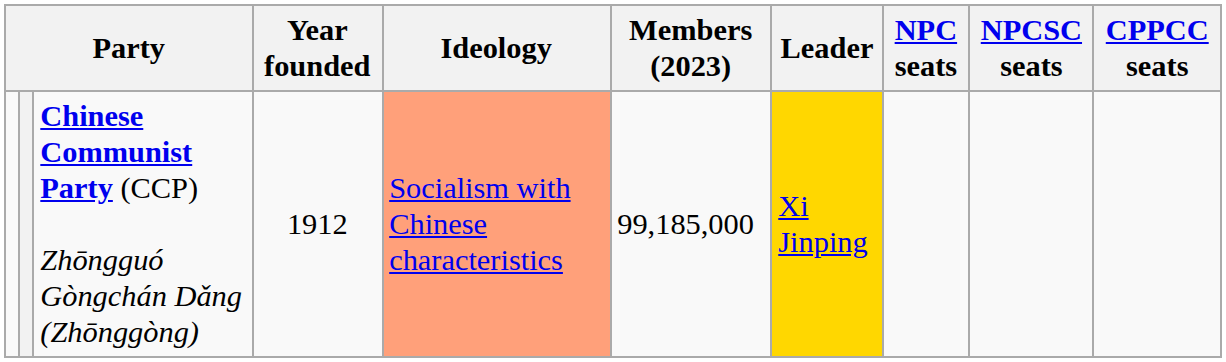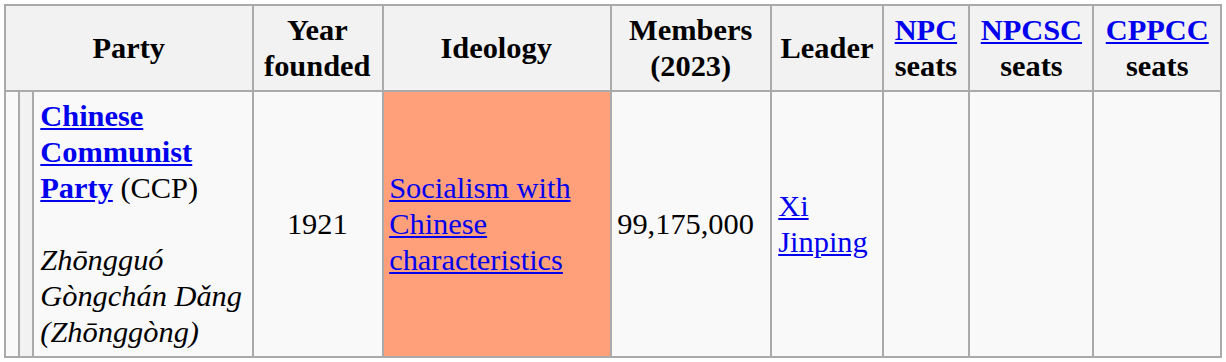 <table class="wikitable" style="font-size: 95%;">
 <tr>
 <th align="left" colspan="3">Party</th>
 <th>Year founded</th>
 <th>Ideology</th>
 <th>Members (2023)</th>
 <th>Leader</th>
 <th><a href='#'>NPC</a> seats</th>
 <th><a href='#'>NPCSC</a> seats</th>
 <th><a href='#'>CPPCC</a> seats</th>
 </tr>
 <tr>
 <td bgcolor=></td>
 <th scope="row" style="text-align:center"></th>
 <td><strong><a href='#'>Chinese Communist Party</a></strong> (CCP)<br><br><em>Zhōngguó Gòngchán Dǎng (Zhōnggòng)</em></td>
-<td align=center>1912</td>
+<td align=center>1921</td>
 <td style="background: lightsalmon;"><a href='#'>Socialism with Chinese characteristics</a></td>
-<td>99,185,000</td>
-<td style="background: gold;"><a href='#'>Xi Jinping</a><br></td>
+<td>99,175,000</td>
+<td><a href='#'>Xi Jinping</a><br></td>
 <td></td>
 <td></td>
 <td></td>
 </tr>
 </table>
